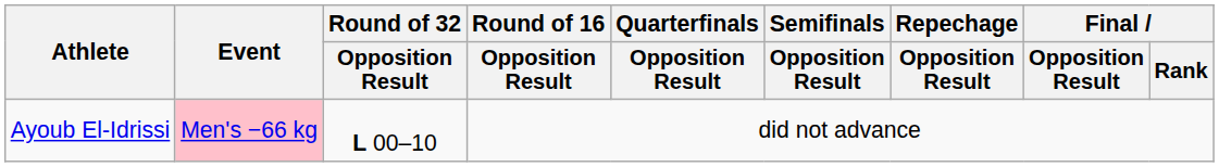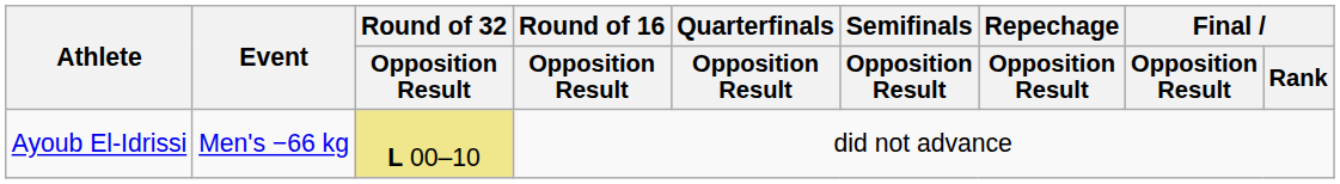 <table class="wikitable" style="font-size:90%">
 <tr>
 <th rowspan="2">Athlete</th>
 <th rowspan="2">Event</th>
 <th>Round of 32</th>
 <th>Round of 16</th>
 <th>Quarterfinals</th>
 <th>Semifinals</th>
 <th>Repechage</th>
 <th colspan=2>Final / </th>
 </tr>
 <tr style="font-size:95%">
 <th>Opposition<br>Result</th>
 <th>Opposition<br>Result</th>
 <th>Opposition<br>Result</th>
 <th>Opposition<br>Result</th>
 <th>Opposition<br>Result</th>
 <th>Opposition<br>Result</th>
 <th>Rank</th>
 </tr>
 <tr align=center>
 <td align=left><a href='#'>Ayoub El-Idrissi</a></td>
-<td align=left style="background: pink;"><a href='#'>Men's −66 kg</a></td>
-<td><br><strong>L</strong> 00–10</td>
+<td align=left><a href='#'>Men's −66 kg</a></td>
+<td style="background: khaki;"><br><strong>L</strong> 00–10</td>
 <td colspan=6>did not advance</td>
 </tr>
 </table>
